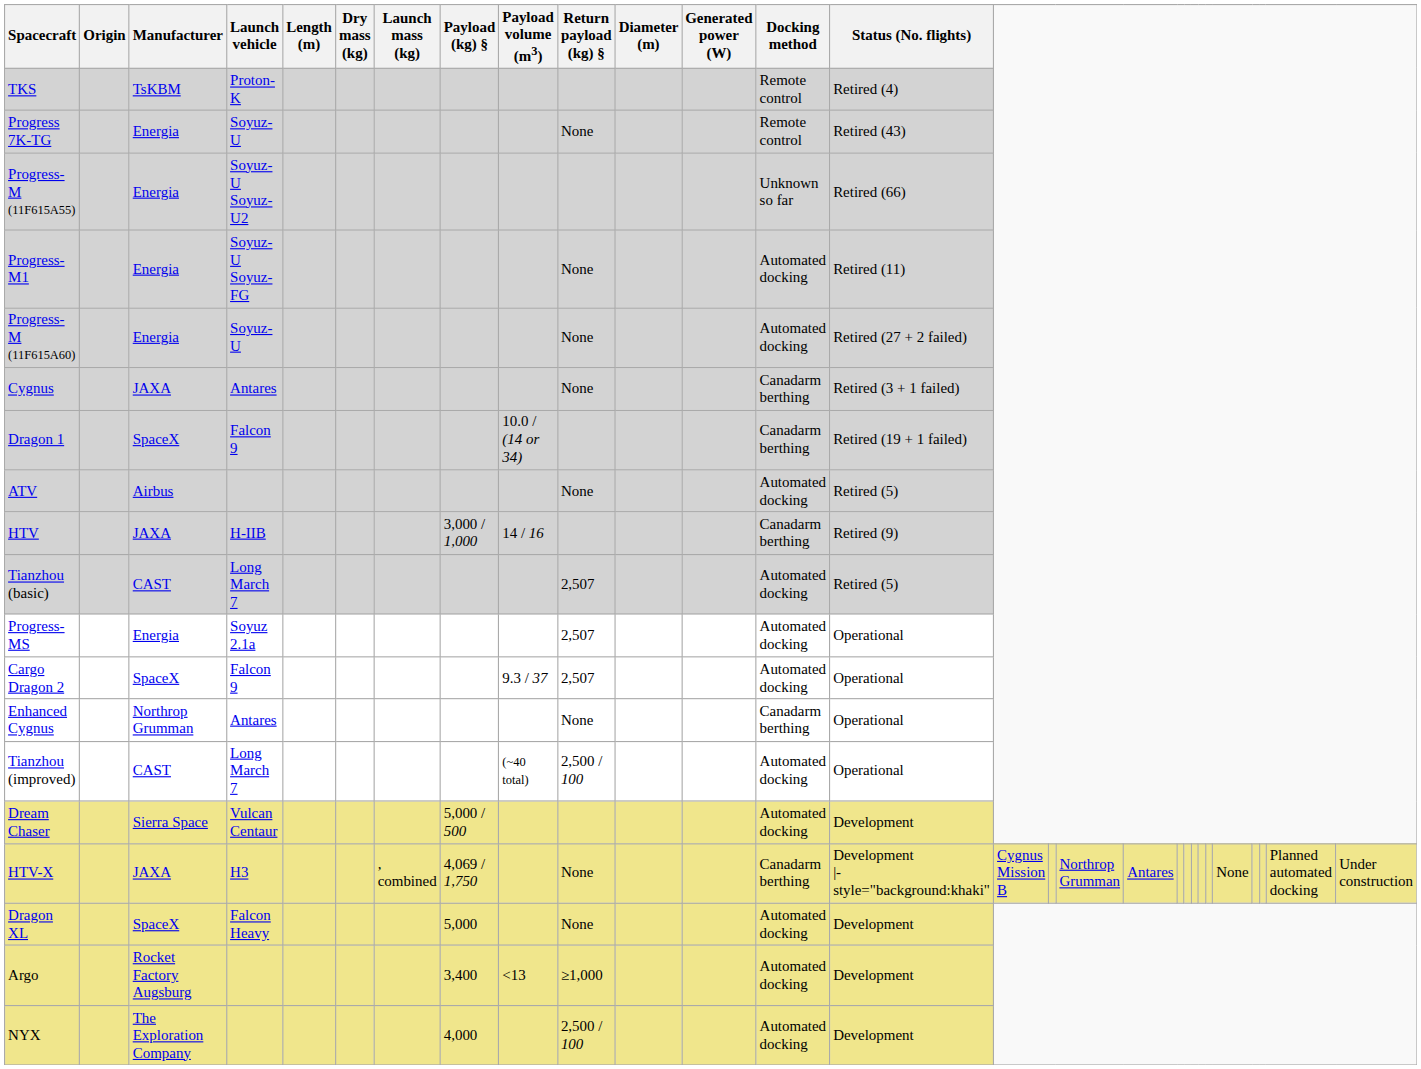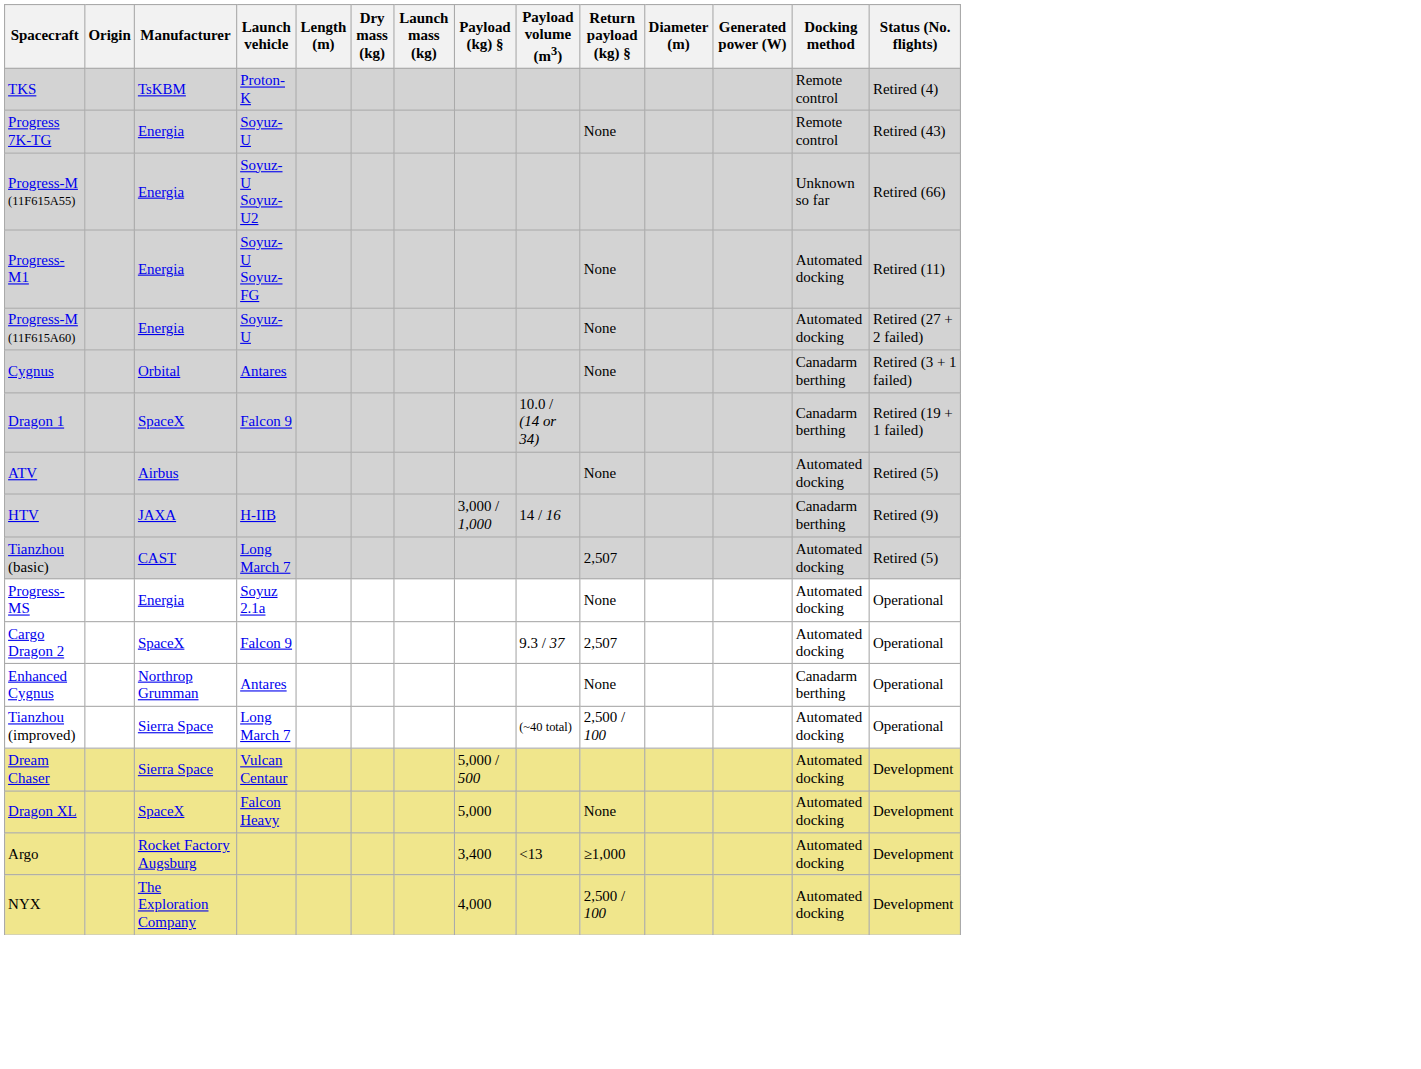 <table class="wikitable sortable sticky-header sort-under" style="font-size: 85%;">
 <tr>
 <th>Spacecraft</th>
 <th>Origin</th>
 <th>Manufacturer</th>
 <th>Launch vehicle</th>
 <th data-sort-type="number">Length (m)</th>
 <th data-sort-type="number">Dry mass (kg)</th>
 <th data-sort-type="number">Launch mass (kg)</th>
 <th data-sort-type="number">Payload (kg) §</th>
 <th data-sort-type="number">Payload volume (m<sup>3</sup>)</th>
 <th data-sort-type="number">Return payload (kg) §</th>
 <th data-sort-type="number">Diameter (m)</th>
 <th data-sort-type="number">Generated power (W)</th>
 <th data-sort-type="number">Docking method</th>
 <th>Status (<abbr>No.</abbr> flights)</th>
 </tr>
 <tr style="background:lightgrey">
 <td><a href='#'>TKS</a></td>
 <td></td>
 <td><a href='#'>TsKBM</a></td>
 <td><a href='#'>Proton-K</a></td>
 <td></td>
 <td></td>
 <td></td>
 <td></td>
 <td></td>
 <td></td>
 <td></td>
 <td></td>
 <td>Remote control</td>
 <td>Retired (4)</td>
 </tr>
 <tr style="background:lightgrey">
 <td><a href='#'>Progress 7K-TG</a></td>
 <td></td>
 <td><a href='#'>Energia</a></td>
 <td><a href='#'>Soyuz-U</a></td>
 <td></td>
 <td></td>
 <td></td>
 <td></td>
 <td></td>
 <td>None</td>
 <td></td>
 <td></td>
 <td>Remote control</td>
 <td>Retired (43)</td>
 </tr>
 <tr style="background:lightgrey">
 <td><a href='#'>Progress-M</a> <small>(11F615A55)</small></td>
 <td><br></td>
 <td><a href='#'>Energia</a></td>
 <td><a href='#'>Soyuz-U</a><br><a href='#'>Soyuz-U2</a></td>
 <td></td>
 <td></td>
 <td></td>
 <td></td>
 <td></td>
 <td></td>
 <td></td>
 <td></td>
 <td>Unknown so far</td>
 <td>Retired (66)</td>
 </tr>
 <tr style="background:lightgrey">
 <td><a href='#'>Progress-M1</a></td>
 <td></td>
 <td><a href='#'>Energia</a></td>
 <td><a href='#'>Soyuz-U</a><br><a href='#'>Soyuz-FG</a></td>
 <td></td>
 <td></td>
 <td></td>
 <td></td>
 <td></td>
 <td>None</td>
 <td></td>
 <td></td>
 <td>Automated docking</td>
 <td>Retired (11)</td>
 </tr>
 <tr style="background:lightgrey">
 <td><a href='#'>Progress-M</a> <small>(11F615A60)</small></td>
 <td></td>
 <td><a href='#'>Energia</a></td>
 <td><a href='#'>Soyuz-U</a></td>
 <td></td>
 <td></td>
 <td></td>
 <td></td>
 <td></td>
 <td>None</td>
 <td></td>
 <td></td>
 <td>Automated docking</td>
 <td>Retired (27 + 2 failed)</td>
 </tr>
 <tr style="background:lightgrey">
 <td><a href='#'>Cygnus</a></td>
 <td></td>
-<td><a href='#'>JAXA</a></td>
+<td><a href='#'>Orbital</a></td>
 <td><a href='#'>Antares</a></td>
 <td></td>
 <td></td>
 <td></td>
 <td></td>
 <td></td>
 <td>None</td>
 <td></td>
 <td></td>
 <td>Canadarm berthing</td>
 <td>Retired (3 + 1 failed)</td>
 </tr>
 <tr style="background:lightgrey">
 <td><a href='#'>Dragon 1</a></td>
 <td></td>
 <td><a href='#'>SpaceX</a></td>
 <td><a href='#'>Falcon 9</a></td>
 <td></td>
 <td></td>
 <td></td>
 <td></td>
 <td>10.0 / <em>(14 or 34)</em></td>
 <td></td>
 <td></td>
 <td></td>
 <td>Canadarm berthing</td>
 <td>Retired (19 + 1 failed)</td>
 </tr>
 <tr style="background:lightgrey">
 <td><a href='#'>ATV</a></td>
 <td></td>
 <td><a href='#'>Airbus</a></td>
 <td></td>
 <td></td>
 <td></td>
 <td></td>
 <td></td>
 <td></td>
 <td>None</td>
 <td></td>
 <td></td>
 <td>Automated docking</td>
 <td>Retired (5)</td>
 </tr>
 <tr style="background:lightgrey">
 <td><a href='#'>HTV</a></td>
 <td></td>
 <td><a href='#'>JAXA</a></td>
 <td><a href='#'>H-IIB</a></td>
 <td></td>
 <td></td>
 <td></td>
 <td>3,000 / <em>1,000</em></td>
 <td>14 / <em>16</em></td>
 <td></td>
 <td></td>
 <td></td>
 <td>Canadarm berthing</td>
 <td>Retired (9)</td>
 </tr>
 <tr style="background:lightgrey">
 <td><a href='#'>Tianzhou</a><br>(basic)</td>
 <td></td>
 <td><a href='#'>CAST</a></td>
 <td><a href='#'>Long March 7</a></td>
 <td></td>
 <td></td>
 <td></td>
 <td></td>
 <td></td>
 <td>2,507</td>
 <td></td>
 <td></td>
 <td>Automated docking</td>
 <td>Retired (5)</td>
 </tr>
 <tr style="background:white">
 <td><a href='#'>Progress-MS</a></td>
 <td></td>
 <td><a href='#'>Energia</a></td>
 <td><a href='#'>Soyuz 2.1a</a></td>
 <td></td>
 <td></td>
 <td></td>
 <td></td>
 <td></td>
-<td>2,507</td>
+<td>None</td>
 <td></td>
 <td></td>
 <td>Automated docking</td>
 <td>Operational</td>
 </tr>
 <tr style="background:white">
 <td><a href='#'>Cargo Dragon 2</a></td>
 <td></td>
 <td><a href='#'>SpaceX</a></td>
 <td><a href='#'>Falcon 9</a></td>
 <td></td>
 <td></td>
 <td></td>
 <td></td>
 <td>9.3 / <em>37</em></td>
 <td>2,507</td>
 <td></td>
 <td></td>
 <td>Automated docking</td>
 <td>Operational</td>
 </tr>
 <tr style="background:white">
 <td><a href='#'>Enhanced Cygnus</a></td>
 <td></td>
 <td><a href='#'>Northrop Grumman</a></td>
 <td><a href='#'>Antares</a></td>
 <td></td>
 <td></td>
 <td></td>
 <td></td>
 <td></td>
 <td>None</td>
 <td></td>
 <td></td>
 <td>Canadarm berthing</td>
 <td>Operational</td>
 </tr>
 <tr style="background:white">
 <td><a href='#'>Tianzhou</a> (improved)</td>
 <td></td>
-<td><a href='#'>CAST</a></td>
+<td><a href='#'>Sierra Space</a></td>
 <td><a href='#'>Long March 7</a></td>
 <td></td>
 <td></td>
 <td></td>
 <td></td>
 <td> <small>(~40 total)</small></td>
 <td>2,500 / <em>100</em></td>
 <td></td>
 <td></td>
 <td>Automated docking</td>
 <td>Operational</td>
 </tr>
 <tr style="background:khaki">
 <td><a href='#'>Dream Chaser</a></td>
 <td></td>
 <td><a href='#'>Sierra Space</a></td>
 <td><a href='#'>Vulcan Centaur</a></td>
 <td></td>
 <td></td>
 <td></td>
 <td>5,000 / <em>500</em></td>
 <td></td>
 <td></td>
 <td></td>
 <td></td>
 <td>Automated docking</td>
 <td>Development</td>
-</tr>
-<tr style="background:khaki">
-<td><a href='#'>HTV-X</a></td>
-<td></td>
-<td><a href='#'>JAXA</a></td>
-<td><a href='#'>H3</a></td>
-<td></td>
-<td></td>
-<td>, combined</td>
-<td>4,069 / <em>1,750</em></td>
-<td></td>
-<td>None</td>
-<td></td>
-<td></td>
-<td>Canadarm berthing</td>
-<td>Development<br>|- style="background:khaki"</td>
-<td><a href='#'>Cygnus Mission B</a></td>
-<td></td>
-<td><a href='#'>Northrop Grumman</a></td>
-<td><a href='#'>Antares</a></td>
-<td></td>
-<td></td>
-<td></td>
-<td></td>
-<td></td>
-<td>None</td>
-<td></td>
-<td></td>
-<td>Planned automated docking</td>
-<td>Under construction</td>
 </tr>
 <tr style="background:khaki">
 <td><a href='#'>Dragon XL</a></td>
 <td></td>
 <td><a href='#'>SpaceX</a></td>
 <td><a href='#'>Falcon Heavy</a></td>
 <td></td>
 <td></td>
 <td></td>
 <td>5,000</td>
 <td></td>
 <td>None</td>
 <td></td>
 <td></td>
 <td>Automated docking</td>
 <td>Development</td>
 </tr>
 <tr style="background:khaki">
 <td>Argo</td>
 <td></td>
 <td><a href='#'>Rocket Factory Augsburg</a></td>
 <td></td>
 <td></td>
 <td></td>
 <td></td>
 <td>3,400</td>
 <td><13</td>
 <td>≥1,000</td>
 <td></td>
 <td></td>
 <td>Automated docking</td>
 <td>Development</td>
 </tr>
 <tr style="background:khaki">
 <td>NYX</td>
 <td></td>
 <td><a href='#'>The Exploration Company</a></td>
 <td></td>
 <td></td>
 <td></td>
 <td></td>
 <td>4,000</td>
 <td></td>
 <td>2,500 / <em>100</em></td>
 <td></td>
 <td></td>
 <td>Automated docking</td>
 <td>Development</td>
 </tr>
 </table>
